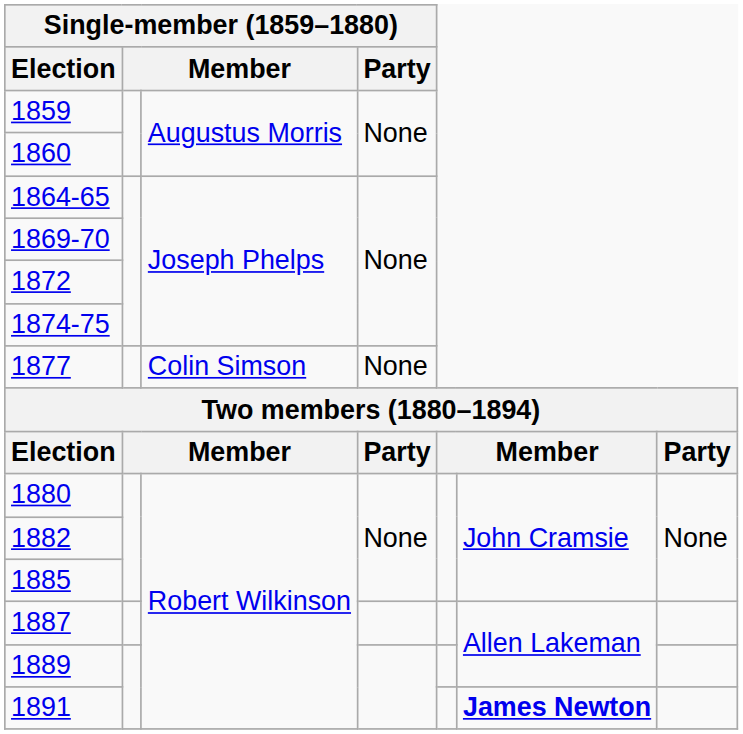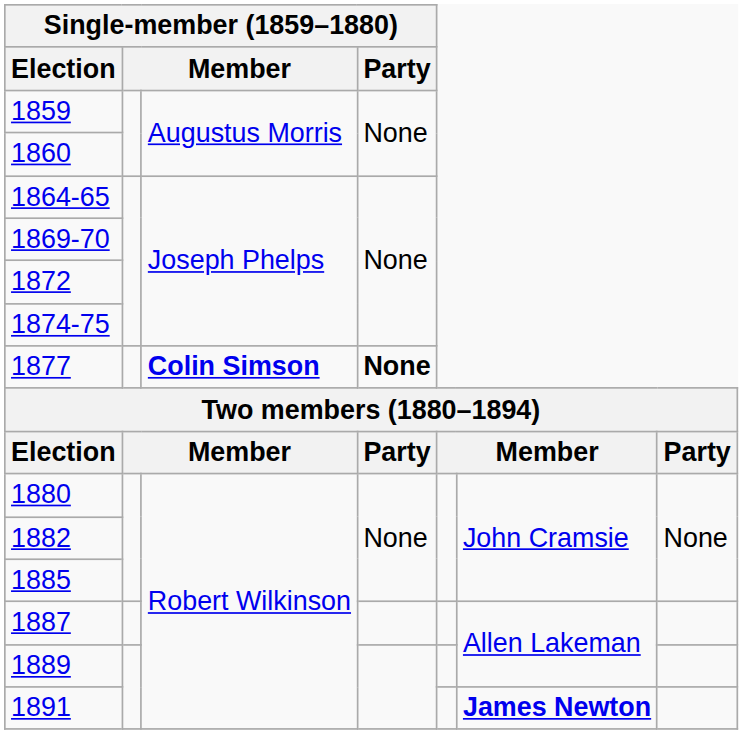 <table class="wikitable" style='border-style: none none solid solid;'>
 <tr>
 <th colspan="4">Single-member (1859–1880)</th>
 <td colspan="3" rowspan="9" style="border-style: none none none none;"> </td>
 </tr>
 <tr>
 <th>Election</th>
 <th scope=col colspan="2">Member</th>
 <th scope=col>Party</th>
 </tr>
 <tr style="background: #f9f9f9">
 <td><a href='#'>1859</a></td>
 <td rowspan="2" > </td>
 <td rowspan="2"><a href='#'>Augustus Morris</a></td>
 <td rowspan="2">None</td>
 </tr>
 <tr style="background: #f9f9f9">
 <td><a href='#'>1860</a></td>
 </tr>
 <tr style="background: #f9f9f9">
 <td><a href='#'>1864-65</a></td>
 <td rowspan="4" > </td>
 <td rowspan="4"><a href='#'>Joseph Phelps</a></td>
 <td rowspan="4">None</td>
 </tr>
 <tr style="background: #f9f9f9">
 <td><a href='#'>1869-70</a></td>
 </tr>
 <tr style="background: #f9f9f9">
 <td><a href='#'>1872</a></td>
 </tr>
 <tr style="background: #f9f9f9">
 <td><a href='#'>1874-75</a></td>
 </tr>
 <tr style="background: #f9f9f9">
 <td><a href='#'>1877</a></td>
 <td> </td>
-<td><a href='#'>Colin Simson</a></td>
-<td>None</td>
+<td><strong><a href='#'>Colin Simson</a></strong></td>
+<td><strong>None</strong></td>
 </tr>
 <tr>
 <th colspan="7">Two members (1880–1894)</th>
 </tr>
 <tr>
 <th>Election</th>
 <th colspan="2" scope="col">Member</th>
 <th scope="col">Party</th>
 <th colspan="2" scope="col">Member</th>
 <th scope="col">Party</th>
 </tr>
 <tr style="background: #f9f9f9">
 <td><a href='#'>1880</a></td>
 <td rowspan="3" > </td>
 <td rowspan="6"><a href='#'>Robert Wilkinson</a></td>
 <td rowspan="3">None</td>
 <td rowspan="3" > </td>
 <td rowspan="3"><a href='#'>John Cramsie</a></td>
 <td rowspan="3">None</td>
 </tr>
 <tr style="background: #f9f9f9">
 <td><a href='#'>1882</a></td>
 </tr>
 <tr style="background: #f9f9f9">
 <td><a href='#'>1885</a></td>
 </tr>
 <tr style="background: #f9f9f9">
 <td><a href='#'>1887</a></td>
 <td> </td>
 <td></td>
 <td> </td>
 <td rowspan="2"><a href='#'>Allen Lakeman</a></td>
 <td></td>
 </tr>
 <tr style="background: #f9f9f9">
 <td><a href='#'>1889</a></td>
 <td rowspan="2" > </td>
 <td rowspan="2"></td>
 <td> </td>
 <td></td>
 </tr>
 <tr style="background: #f9f9f9">
 <td><a href='#'>1891</a></td>
 <td> </td>
 <td><strong><a href='#'>James Newton</a></strong></td>
 <td></td>
 </tr>
 </table>
